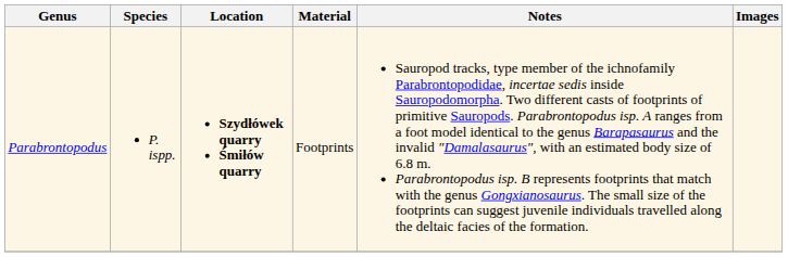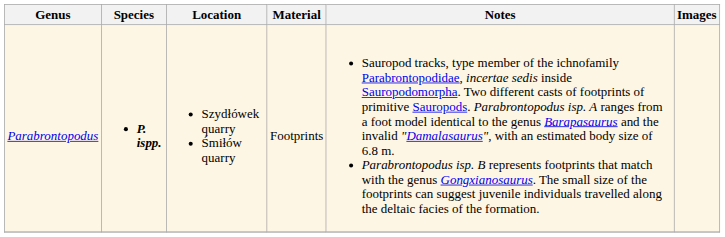 <table class="wikitable"  style="margin:auto; width:100%;">
 <tr>
 <th>Genus</th>
 <th>Species</th>
 <th>Location</th>
 <th>Material</th>
 <th>Notes</th>
 <th>Images</th>
 </tr>
 <tr>
 <td style="background:#FEF6E4;"><br><em><a href='#'>Parabrontopodus</a></em></td>
-<td style="background:#FEF6E4;"><br><ul><li><em>P. ispp.</em></li></ul></td>
-<td style="background:#FEF6E4;"><strong><br><ul><li>Szydłówek quarry</li><li>Śmiłów quarry</li></ul></strong></td>
+<td style="background:#FEF6E4;"><strong><br><ul><li><em>P. ispp.</em></li></ul></strong></td>
+<td style="background:#FEF6E4;"><br><ul><li>Szydłówek quarry</li><li>Śmiłów quarry</li></ul></td>
 <td style="background:#FEF6E4;"><br>Footprints</td>
 <td style="background:#FEF6E4;"><br><ul><li>Sauropod tracks, type member of the ichnofamily <a href='#'>Parabrontopodidae</a>, <em>incertae sedis</em> inside <a href='#'>Sauropodomorpha</a>. Two different casts of footprints of primitive <a href='#'>Sauropods</a>. <em>Parabrontopodus isp. A</em> ranges from a foot model identical to the genus <em><a href='#'>Barapasaurus</a></em> and the invalid <em>"<a href='#'>Damalasaurus</a>"</em>, with an estimated body size of 6.8 m.</li><li><em>Parabrontopodus isp. B</em>  represents footprints that match with the genus <em><a href='#'>Gongxianosaurus</a></em>. The small size of the footprints can suggest juvenile individuals travelled along the deltaic facies of the formation.</li></ul></td>
 <td style="background:#FEF6E4;"><br></td>
 </tr>
 <tr>
 </tr>
 </table>
